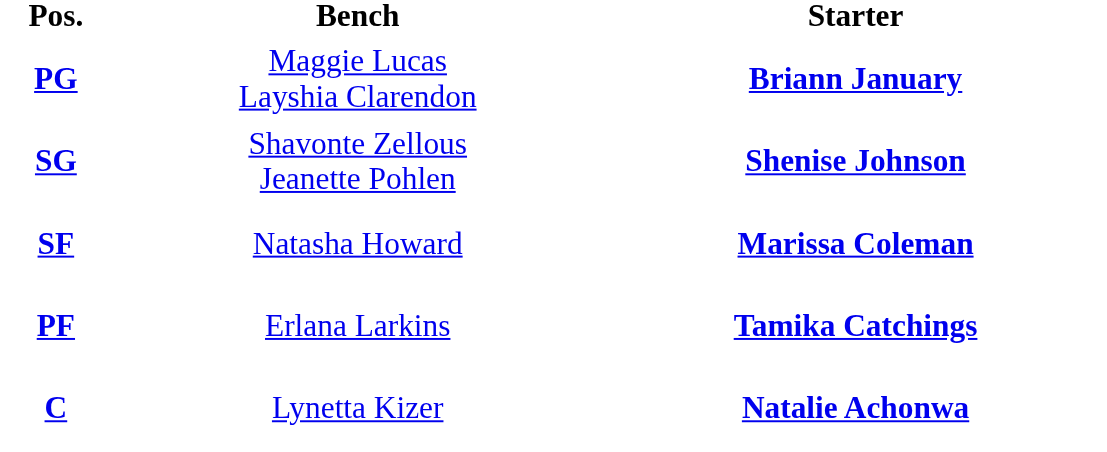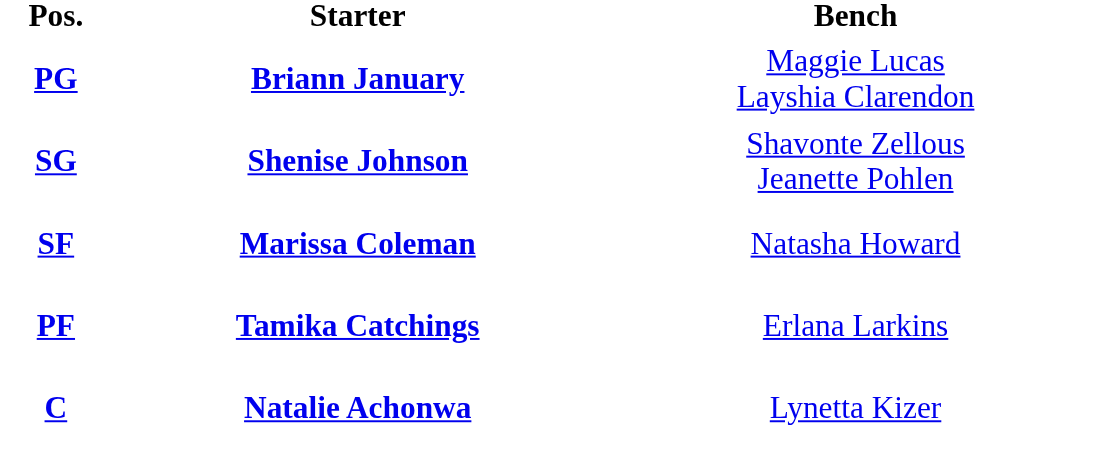 <table style="text-align:center; ">
 <tr>
 <th width="50">Pos.</th>
+<th width="250">Starter</th>
 <th width="250">Bench</th>
-<th width="250">Starter</th>
 </tr>
 <tr style="height:40px; background:white; color:#092C57">
 <th><a href='#'><span>PG</span></a></th>
+<td><strong><a href='#'>Briann January</a></strong></td>
 <td><a href='#'>Maggie Lucas</a><br><a href='#'>Layshia Clarendon</a></td>
-<td><strong><a href='#'>Briann January</a></strong></td>
 </tr>
 <tr style="height:40px; background:white; color:#092C57">
 <th><a href='#'><span>SG</span></a></th>
+<td><strong><a href='#'>Shenise Johnson</a></strong></td>
 <td><a href='#'>Shavonte Zellous</a><br><a href='#'>Jeanette Pohlen</a></td>
-<td><strong><a href='#'>Shenise Johnson</a></strong></td>
 </tr>
 <tr style="height:40px; background:white; color:#092C57">
 <th><a href='#'><span>SF</span></a></th>
+<td><strong><a href='#'>Marissa Coleman</a></strong></td>
 <td><a href='#'>Natasha Howard</a></td>
-<td><strong><a href='#'>Marissa Coleman</a></strong></td>
 </tr>
 <tr style="height:40px; background:white; color:#092C57">
 <th><a href='#'><span>PF</span></a></th>
+<td><strong><a href='#'>Tamika Catchings</a></strong></td>
 <td><a href='#'>Erlana Larkins</a></td>
-<td><strong><a href='#'>Tamika Catchings</a></strong></td>
 </tr>
 <tr style="height:40px; background:white; color:#092C57">
 <th><a href='#'><span>C</span></a></th>
+<td><strong><a href='#'>Natalie Achonwa</a></strong></td>
 <td><a href='#'>Lynetta Kizer</a></td>
-<td><strong><a href='#'>Natalie Achonwa</a></strong></td>
 </tr>
 </table>
